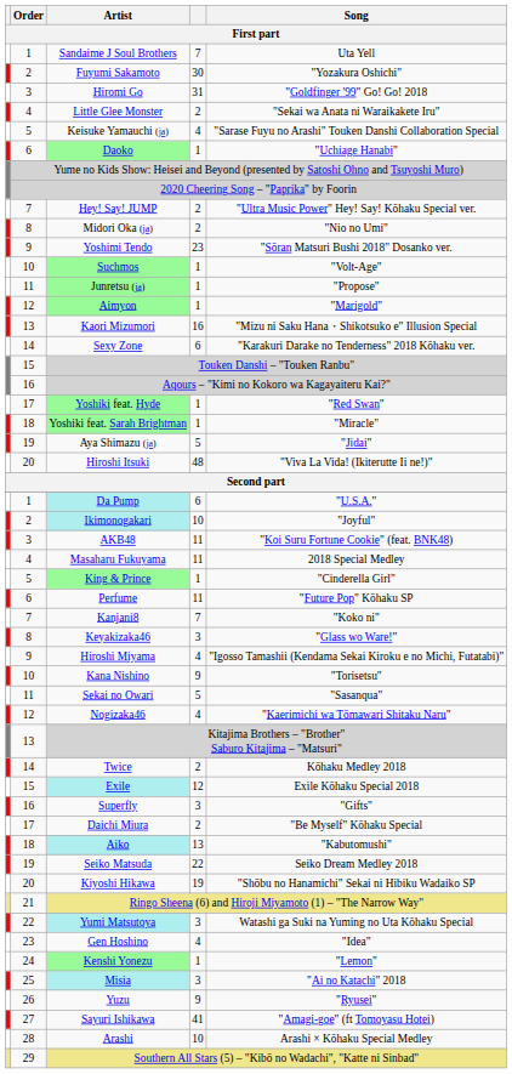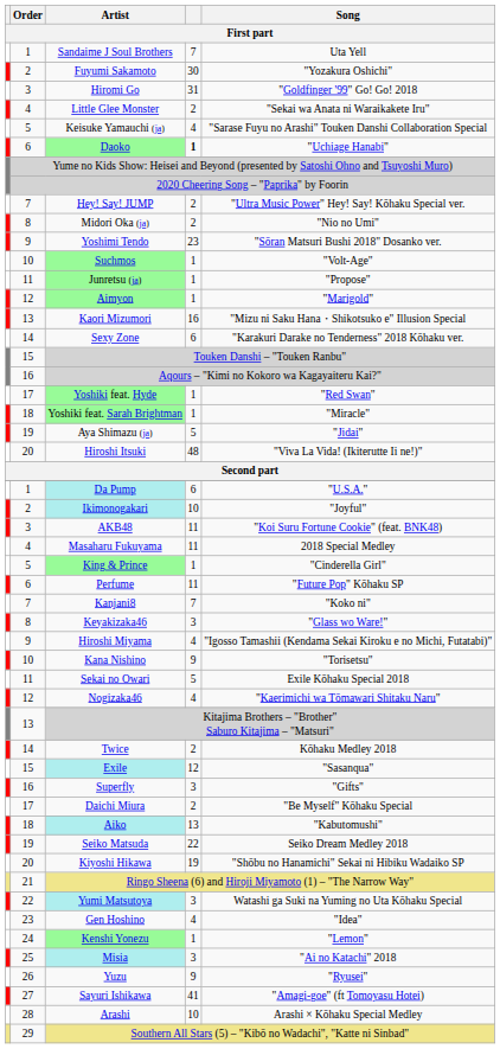 <table class="wikitable" style="font-size:small; text-align:center; width:75;">
 <tr>
 <th></th>
 <th>Order</th>
 <th>Artist</th>
 <th></th>
 <th>Song</th>
 </tr>
 <tr>
 <th colspan="5">First part</th>
 </tr>
 <tr>
 <td style="background:White";></td>
 <td>1</td>
 <td><a href='#'>Sandaime J Soul Brothers</a></td>
 <td>7</td>
 <td>Uta Yell</td>
 </tr>
 <tr>
 <td style="background:Red";></td>
 <td>2</td>
 <td><a href='#'>Fuyumi Sakamoto</a></td>
 <td>30</td>
 <td>"Yozakura Oshichi"</td>
 </tr>
 <tr>
 <td style="background:White";></td>
 <td>3</td>
 <td><a href='#'>Hiromi Go</a></td>
 <td>31</td>
 <td>"<a href='#'>Goldfinger '99</a>" Go! Go! 2018</td>
 </tr>
 <tr>
 <td style="background:Red";></td>
 <td>4</td>
 <td><a href='#'>Little Glee Monster</a></td>
 <td>2</td>
 <td>"Sekai wa Anata ni Waraikakete Iru"</td>
 </tr>
 <tr>
 <td style="background:White";></td>
 <td>5</td>
 <td>Keisuke Yamauchi <small>(<a href='#'>ja</a>)</small></td>
 <td>4</td>
 <td>"Sarase Fuyu no Arashi" Touken Danshi Collaboration Special</td>
 </tr>
 <tr>
 <td style="background:Red";></td>
 <td>6</td>
 <td style="background:PaleGreen"><a href='#'>Daoko</a></td>
-<td>1</td>
+<td><strong>1</strong></td>
 <td>"<a href='#'>Uchiage Hanabi</a>"</td>
 </tr>
 <tr>
 <td style="background:Gray"; rowspan="2"></td>
 <td style="background:LightGray" colspan="4">Yume no Kids Show: Heisei and Beyond (presented by <a href='#'>Satoshi Ohno</a> and <a href='#'>Tsuyoshi Muro</a>)</td>
 </tr>
 <tr>
 <td style="background:LightGray" colspan="4"><a href='#'>2020 Cheering Song</a> – "<a href='#'>Paprika</a>" by Foorin</td>
 </tr>
 <tr>
 <td style="background:White";></td>
 <td>7</td>
 <td><a href='#'>Hey! Say! JUMP</a></td>
 <td>2</td>
 <td>"<a href='#'>Ultra Music Power</a>" Hey! Say! Kōhaku Special ver.</td>
 </tr>
 <tr>
 <td style="background:Red";></td>
 <td>8</td>
 <td>Midori Oka <small>(<a href='#'>ja</a>)</small></td>
 <td>2</td>
 <td>"Nio no Umi"</td>
 </tr>
 <tr>
 <td style="background:Red";></td>
 <td>9</td>
 <td><a href='#'>Yoshimi Tendo</a></td>
 <td>23</td>
 <td>"<a href='#'>Sōran</a> Matsuri Bushi 2018" Dosanko ver.</td>
 </tr>
 <tr>
 <td style="background:White";></td>
 <td>10</td>
 <td style="background:PaleGreen"><a href='#'>Suchmos</a></td>
 <td>1</td>
 <td>"Volt-Age"</td>
 </tr>
 <tr>
 <td style="background:White";></td>
 <td>11</td>
 <td style="background:PaleGreen">Junretsu <small>(<a href='#'>ja</a>)</small></td>
 <td>1</td>
 <td>"Propose"</td>
 </tr>
 <tr>
 <td style="background:Red";></td>
 <td>12</td>
 <td style="background:PaleGreen"><a href='#'>Aimyon</a></td>
 <td>1</td>
 <td>"<a href='#'>Marigold</a>"</td>
 </tr>
 <tr>
 <td style="background:Red";></td>
 <td>13</td>
 <td><a href='#'>Kaori Mizumori</a></td>
 <td>16</td>
 <td>"Mizu ni Saku Hana・Shikotsuko e" Illusion Special</td>
 </tr>
 <tr>
 <td style="background:White";></td>
 <td>14</td>
 <td><a href='#'>Sexy Zone</a></td>
 <td>6</td>
 <td>"Karakuri Darake no Tenderness" 2018 Kōhaku ver.</td>
 </tr>
 <tr>
 <td style="background:Gray"; rowspan="2"></td>
 <td>15</td>
 <td style="background:LightGray" colspan="3"><a href='#'>Touken Danshi</a> – "Touken Ranbu"</td>
 </tr>
 <tr>
 <td>16</td>
 <td style="background:LightGray" colspan="3"><a href='#'>Aqours</a> – "Kimi no Kokoro wa Kagayaiteru Kai?"</td>
 </tr>
 <tr>
 <td style="background:White";></td>
 <td>17</td>
 <td style="background:PaleGreen"><a href='#'>Yoshiki</a> feat. <a href='#'>Hyde</a></td>
 <td>1</td>
 <td>"<a href='#'>Red Swan</a>"</td>
 </tr>
 <tr>
 <td style="background:Red";></td>
 <td>18</td>
 <td style="background:PaleGreen">Yoshiki feat. <a href='#'>Sarah Brightman</a></td>
 <td>1</td>
 <td>"Miracle"</td>
 </tr>
 <tr>
 <td style="background:Red";></td>
 <td>19</td>
 <td>Aya Shimazu <small>(<a href='#'>ja</a>)</small></td>
 <td>5</td>
 <td>"<a href='#'>Jidai</a>"</td>
 </tr>
 <tr>
 <td style="background:White";></td>
 <td>20</td>
 <td><a href='#'>Hiroshi Itsuki</a></td>
 <td>48</td>
 <td>"Viva La Vida! (Ikiterutte Ii ne!)"</td>
 </tr>
 <tr>
 <th colspan="5">Second part</th>
 </tr>
 <tr>
 </tr>
 <tr>
 <td style="background:White";></td>
 <td>1</td>
 <td style="background:PaleTurquoise"><a href='#'>Da Pump</a></td>
 <td>6</td>
 <td>"<a href='#'>U.S.A.</a>"</td>
 </tr>
 <tr>
 <td style="background:Red";></td>
 <td>2</td>
 <td style="background:PaleTurquoise"><a href='#'>Ikimonogakari</a></td>
 <td>10</td>
 <td>"Joyful"</td>
 </tr>
 <tr>
 <td style="background:Red";></td>
 <td>3</td>
 <td><a href='#'>AKB48</a></td>
 <td>11</td>
 <td>"<a href='#'>Koi Suru Fortune Cookie</a>" (feat. <a href='#'>BNK48</a>)</td>
 </tr>
 <tr>
 <td style="background:White";></td>
 <td>4</td>
 <td><a href='#'>Masaharu Fukuyama</a></td>
 <td>11</td>
 <td>2018 Special Medley</td>
 </tr>
 <tr>
 <td style="background:White";></td>
 <td>5</td>
 <td style="background:PaleGreen"><a href='#'>King & Prince</a></td>
 <td>1</td>
 <td>"Cinderella Girl"</td>
 </tr>
 <tr>
 <td style="background:Red";></td>
 <td>6</td>
 <td><a href='#'>Perfume</a></td>
 <td>11</td>
 <td>"<a href='#'>Future Pop</a>" Kōhaku SP</td>
 </tr>
 <tr>
 <td style="background:White";></td>
 <td>7</td>
 <td><a href='#'>Kanjani8</a></td>
 <td>7</td>
 <td>"Koko ni"</td>
 </tr>
 <tr>
 <td style="background:Red";></td>
 <td>8</td>
 <td><a href='#'>Keyakizaka46</a></td>
 <td>3</td>
 <td>"<a href='#'>Glass wo Ware!</a>"</td>
 </tr>
 <tr>
 <td style="background:White";></td>
 <td>9</td>
 <td><a href='#'>Hiroshi Miyama</a></td>
 <td>4</td>
 <td>"Igosso Tamashii (Kendama Sekai Kiroku e no Michi, Futatabi)"</td>
 </tr>
 <tr>
 <td style="background:Red";></td>
 <td>10</td>
 <td><a href='#'>Kana Nishino</a></td>
 <td>9</td>
 <td>"Torisetsu"</td>
 </tr>
 <tr>
 <td style="background:White";></td>
 <td>11</td>
 <td><a href='#'>Sekai no Owari</a></td>
 <td>5</td>
-<td>"Sasanqua"</td>
+<td>Exile Kōhaku Special 2018</td>
 </tr>
 <tr>
 <td style="background:Red";></td>
 <td>12</td>
 <td><a href='#'>Nogizaka46</a></td>
 <td>4</td>
 <td>"<a href='#'>Kaerimichi wa Tōmawari Shitaku Naru</a>"</td>
 </tr>
 <tr>
 <td style="background:Gray";></td>
 <td>13</td>
 <td style="background:LightGray" colspan="3">Kitajima Brothers – "Brother"<br><a href='#'>Saburo Kitajima</a> – "Matsuri"</td>
 </tr>
 <tr>
 <td style="background:Red";></td>
 <td>14</td>
 <td><a href='#'>Twice</a></td>
 <td>2</td>
 <td>Kōhaku Medley 2018</td>
 </tr>
 <tr>
 <td style="background:White";></td>
 <td>15</td>
 <td style="background:PaleTurquoise"><a href='#'>Exile</a></td>
 <td>12</td>
-<td>Exile Kōhaku Special 2018</td>
+<td>"Sasanqua"</td>
 </tr>
 <tr>
 <td style="background:Red";></td>
 <td>16</td>
 <td><a href='#'>Superfly</a></td>
 <td>3</td>
 <td>"Gifts"</td>
 </tr>
 <tr>
 <td style="background:White";></td>
 <td>17</td>
 <td><a href='#'>Daichi Miura</a></td>
 <td>2</td>
 <td>"Be Myself" Kōhaku Special</td>
 </tr>
 <tr>
 <td style="background:Red";></td>
 <td>18</td>
 <td style="background:PaleTurquoise"><a href='#'>Aiko</a></td>
 <td>13</td>
 <td>"Kabutomushi"</td>
 </tr>
 <tr>
 <td style="background:Red";></td>
 <td>19</td>
 <td><a href='#'>Seiko Matsuda</a></td>
 <td>22</td>
 <td>Seiko Dream Medley 2018</td>
 </tr>
 <tr>
 <td style="background:White";></td>
 <td>20</td>
 <td><a href='#'>Kiyoshi Hikawa</a></td>
 <td>19</td>
 <td>"Shōbu no Hanamichi" Sekai ni Hibiku Wadaiko SP</td>
 </tr>
 <tr>
 <td style="background:Khaki";></td>
 <td>21</td>
 <td style="background:Khaki" colspan="3"><a href='#'>Ringo Sheena</a> (6) and <a href='#'>Hiroji Miyamoto</a> (1) – "The Narrow Way"</td>
 </tr>
 <tr>
 <td style="background:Red";></td>
 <td>22</td>
 <td style="background:PaleTurquoise"><a href='#'>Yumi Matsutoya</a></td>
 <td>3</td>
 <td>Watashi ga Suki na Yuming no Uta Kōhaku Special</td>
 </tr>
 <tr>
 <td style="background:White";></td>
 <td>23</td>
 <td><a href='#'>Gen Hoshino</a></td>
 <td>4</td>
 <td>"Idea"</td>
 </tr>
 <tr>
 <td style="background:White";></td>
 <td>24</td>
 <td style="background:PaleGreen"><a href='#'>Kenshi Yonezu</a></td>
 <td>1</td>
 <td>"<a href='#'>Lemon</a>"</td>
 </tr>
 <tr>
 <td style="background:Red";></td>
 <td>25</td>
 <td style="background:PaleTurquoise"><a href='#'>Misia</a></td>
 <td>3</td>
 <td>"<a href='#'>Ai no Katachi</a>" 2018</td>
 </tr>
 <tr>
 <td style="background:White";></td>
 <td>26</td>
 <td><a href='#'>Yuzu</a></td>
 <td>9</td>
 <td>"<a href='#'>Ryusei</a>"</td>
 </tr>
 <tr>
 <td style="background:Red";></td>
 <td>27</td>
 <td><a href='#'>Sayuri Ishikawa</a></td>
 <td>41</td>
 <td>"<a href='#'>Amagi-goe</a>" (ft <a href='#'>Tomoyasu Hotei</a>)</td>
 </tr>
 <tr>
 <td style="background:White";></td>
 <td>28</td>
 <td><a href='#'>Arashi</a></td>
 <td>10</td>
 <td>Arashi × Kōhaku Special Medley</td>
 </tr>
 <tr>
 <td style="background:Khaki";></td>
 <td>29</td>
 <td style="background:Khaki" colspan="3"><a href='#'>Southern All Stars</a> (5) – "Kibō no Wadachi", "Katte ni Sinbad"</td>
 </tr>
 </table>
